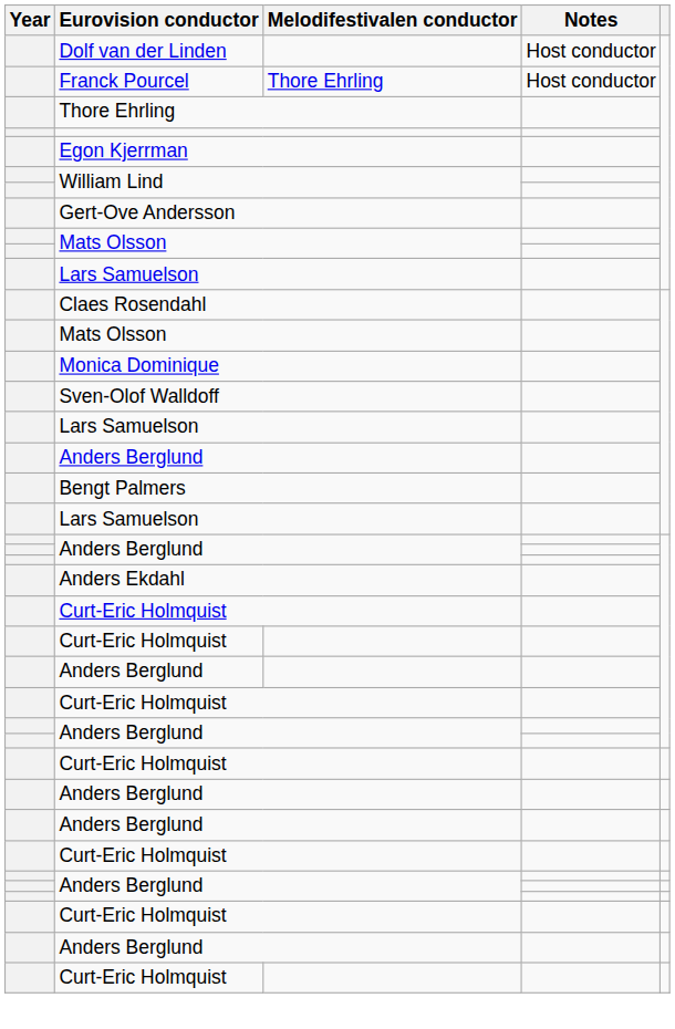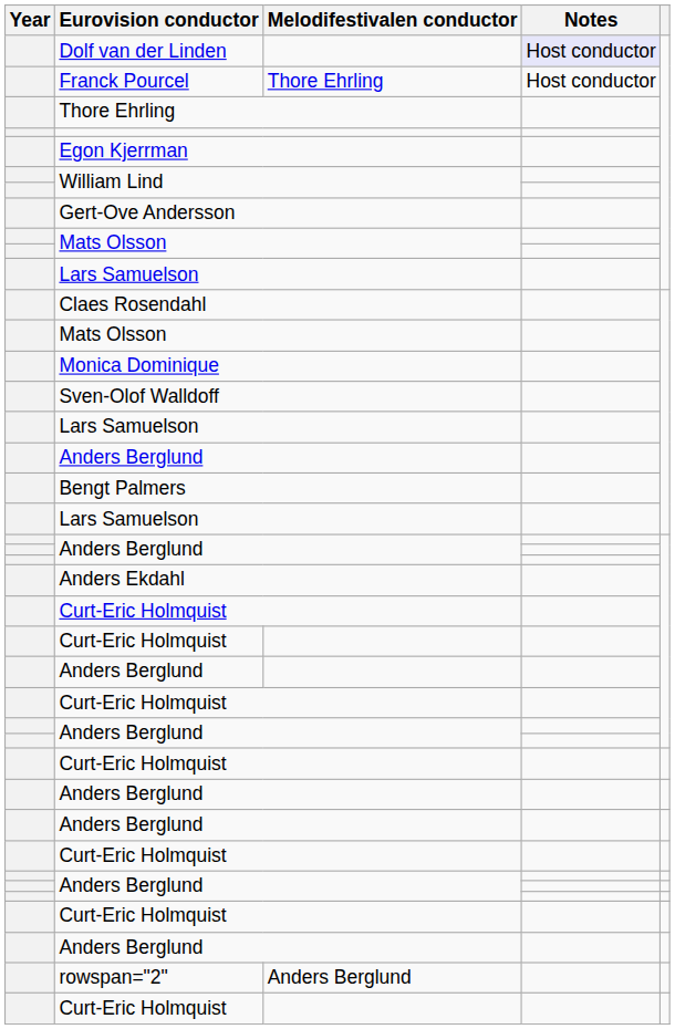 <table class="wikitable plainrowheaders">
 <tr>
 <th>Year</th>
 <th>Eurovision conductor</th>
 <th>Melodifestivalen conductor</th>
 <th>Notes</th>
 <th></th>
 </tr>
 <tr>
 <th scope="row"></th>
 <td> <a href='#'>Dolf van der Linden</a></td>
 <td></td>
-<td>Host conductor</td>
+<td style="background: lavender;">Host conductor</td>
 <td rowspan="11"></td>
 </tr>
 <tr>
 <th scope="row"></th>
 <td> <a href='#'>Franck Pourcel</a></td>
 <td><a href='#'>Thore Ehrling</a></td>
 <td>Host conductor</td>
 </tr>
 <tr>
 <th scope="row"></th>
 <td colspan="2">Thore Ehrling</td>
 <td></td>
 </tr>
 <tr>
 <th scope="row"></th>
 <td colspan="2"></td>
 <td></td>
 </tr>
 <tr>
 <th scope="row"></th>
 <td colspan="2"><a href='#'>Egon Kjerrman</a></td>
 <td></td>
 </tr>
 <tr>
 <th scope="row"></th>
 <td rowspan="2" colspan="2">William Lind</td>
 <td></td>
 </tr>
 <tr>
 <th scope="row"></th>
 <td></td>
 </tr>
 <tr>
 <th scope="row"></th>
 <td colspan="2">Gert-Ove Andersson</td>
 <td></td>
 </tr>
 <tr>
 <th scope="row"></th>
 <td colspan="2" rowspan="2"><a href='#'>Mats Olsson</a></td>
 <td></td>
 </tr>
 <tr>
 <th scope="row"></th>
 <td></td>
 </tr>
 <tr>
 <th scope="row"></th>
 <td colspan="2"><a href='#'>Lars Samuelson</a></td>
 <td></td>
 </tr>
 <tr>
 <th scope="row"></th>
 <td colspan="2">Claes Rosendahl</td>
 <td></td>
 <td rowspan="8"></td>
 </tr>
 <tr>
 <th scope="row"></th>
 <td colspan="2">Mats Olsson</td>
 <td></td>
 </tr>
 <tr>
 <th scope="row"></th>
 <td colspan="2"><a href='#'>Monica Dominique</a></td>
 <td></td>
 </tr>
 <tr>
 <th scope="row"></th>
 <td colspan="2">Sven-Olof Walldoff</td>
 <td></td>
 </tr>
 <tr>
 <th scope="row"></th>
 <td colspan="2">Lars Samuelson</td>
 <td></td>
 </tr>
 <tr>
 <th scope="row"></th>
 <td colspan="2"><a href='#'>Anders Berglund</a></td>
 <td></td>
 </tr>
 <tr>
 <th scope="row"></th>
 <td colspan="2">Bengt Palmers</td>
 <td></td>
 </tr>
 <tr>
 <th scope="row"></th>
 <td colspan="2">Lars Samuelson</td>
 <td></td>
 </tr>
 <tr>
 <th scope="row"></th>
 <td colspan="2" rowspan="3">Anders Berglund</td>
 <td></td>
 <td rowspan="10"></td>
 </tr>
 <tr>
 <th scope="row"></th>
 <td></td>
 </tr>
 <tr>
 <th scope="row"></th>
 <td></td>
 </tr>
 <tr>
 <th scope="row"></th>
 <td colspan="2">Anders Ekdahl</td>
 <td></td>
 </tr>
 <tr>
 <th scope="row"></th>
 <td colspan="2"><a href='#'>Curt-Eric Holmquist</a></td>
 <td></td>
 </tr>
 <tr>
 <th scope="row"></th>
 <td>Curt-Eric Holmquist</td>
 <td></td>
 <td></td>
 </tr>
 <tr>
 <th scope="row"></th>
 <td>Anders Berglund</td>
 <td></td>
 </tr>
 <tr>
 <th scope="row"></th>
 <td colspan="2">Curt-Eric Holmquist</td>
 <td></td>
 </tr>
 <tr>
 <th scope="row"></th>
 <td rowspan="2" colspan="2">Anders Berglund</td>
 <td></td>
 </tr>
 <tr>
 <th scope="row"></th>
 <td></td>
 </tr>
 <tr>
 <th scope="row"></th>
 <td colspan="2">Curt-Eric Holmquist</td>
 <td></td>
 <td></td>
 </tr>
 <tr>
 <th scope="row"></th>
 <td colspan="2">Anders Berglund</td>
 <td></td>
 <td></td>
 </tr>
 <tr>
 <th scope="row"></th>
 <td colspan="2">Anders Berglund</td>
 <td></td>
 <td></td>
 </tr>
 <tr>
 <th scope="row"></th>
 <td colspan="2">Curt-Eric Holmquist</td>
 <td></td>
 <td></td>
 </tr>
 <tr>
 <th scope="row"></th>
 <td colspan="2" rowspan="3">Anders Berglund</td>
 <td></td>
 <td></td>
 </tr>
 <tr>
 <th scope="row"></th>
 <td></td>
 <td></td>
 </tr>
 <tr>
 <th scope="row"></th>
 <td></td>
 <td></td>
 </tr>
 <tr>
 <th scope="row"></th>
 <td colspan="2">Curt-Eric Holmquist</td>
 <td></td>
 <td></td>
 </tr>
 <tr>
 <th scope="row"></th>
 <td colspan="2">Anders Berglund</td>
 <td></td>
 <td></td>
 </tr>
 <tr>
 <th scope="row"></th>
+<td>rowspan="2" </td>
+<td>Anders Berglund</td>
+<td></td>
+<td></td>
+</tr>
+<tr>
+<th scope="row"></th>
 <td>Curt-Eric Holmquist</td>
 <td></td>
 <td></td>
 </tr>
 </table>
